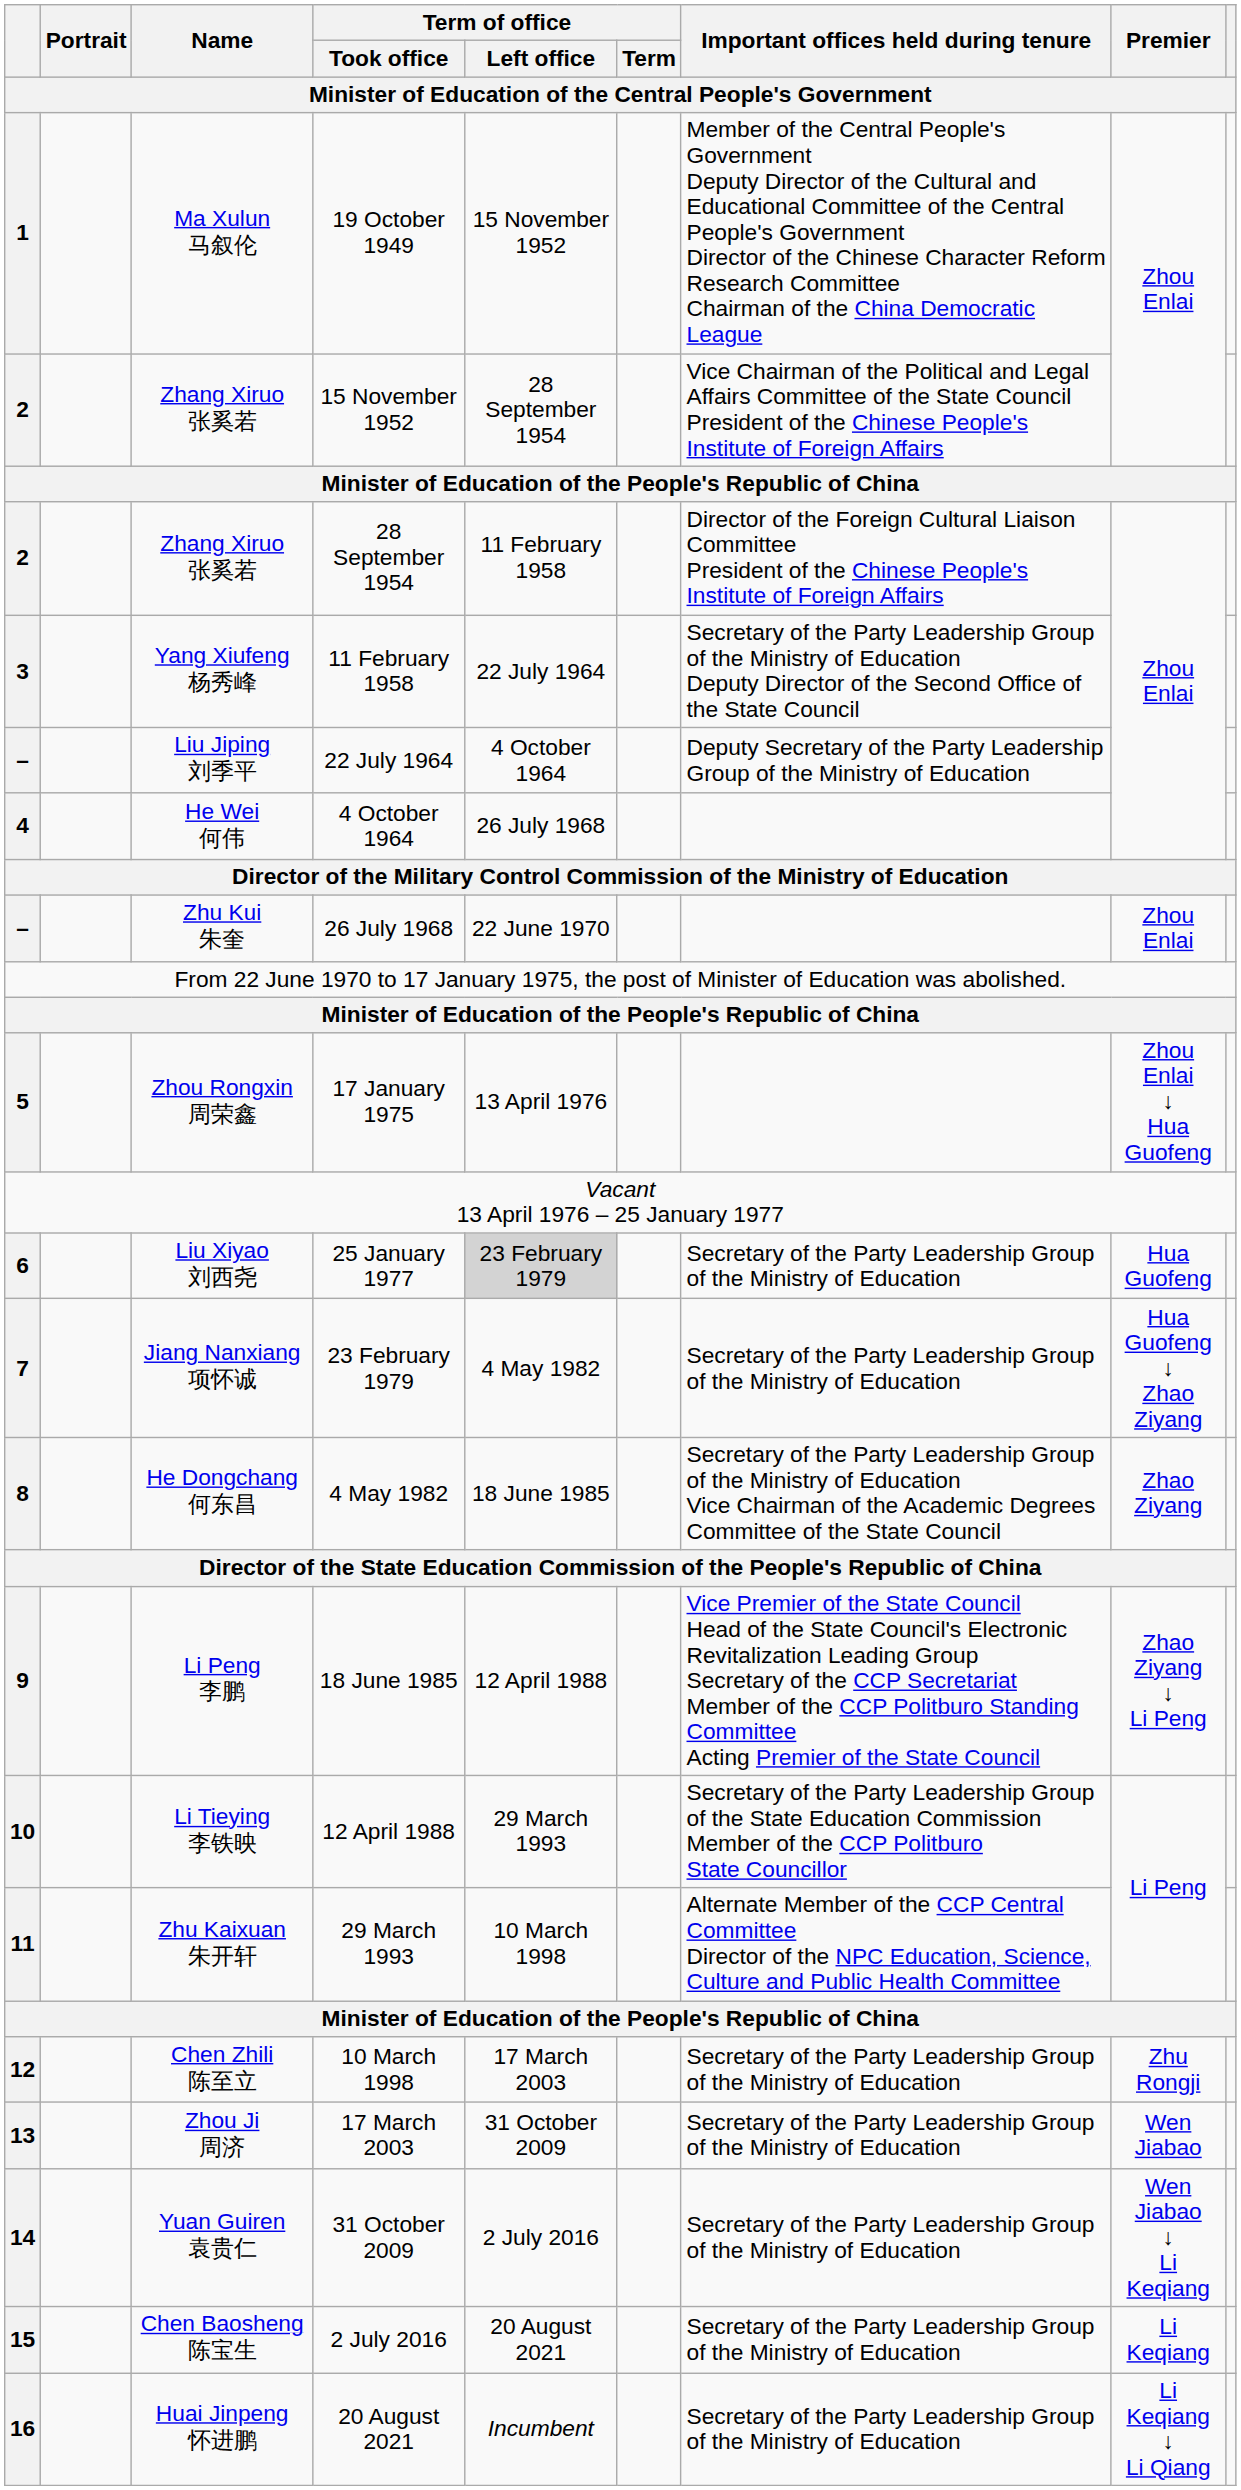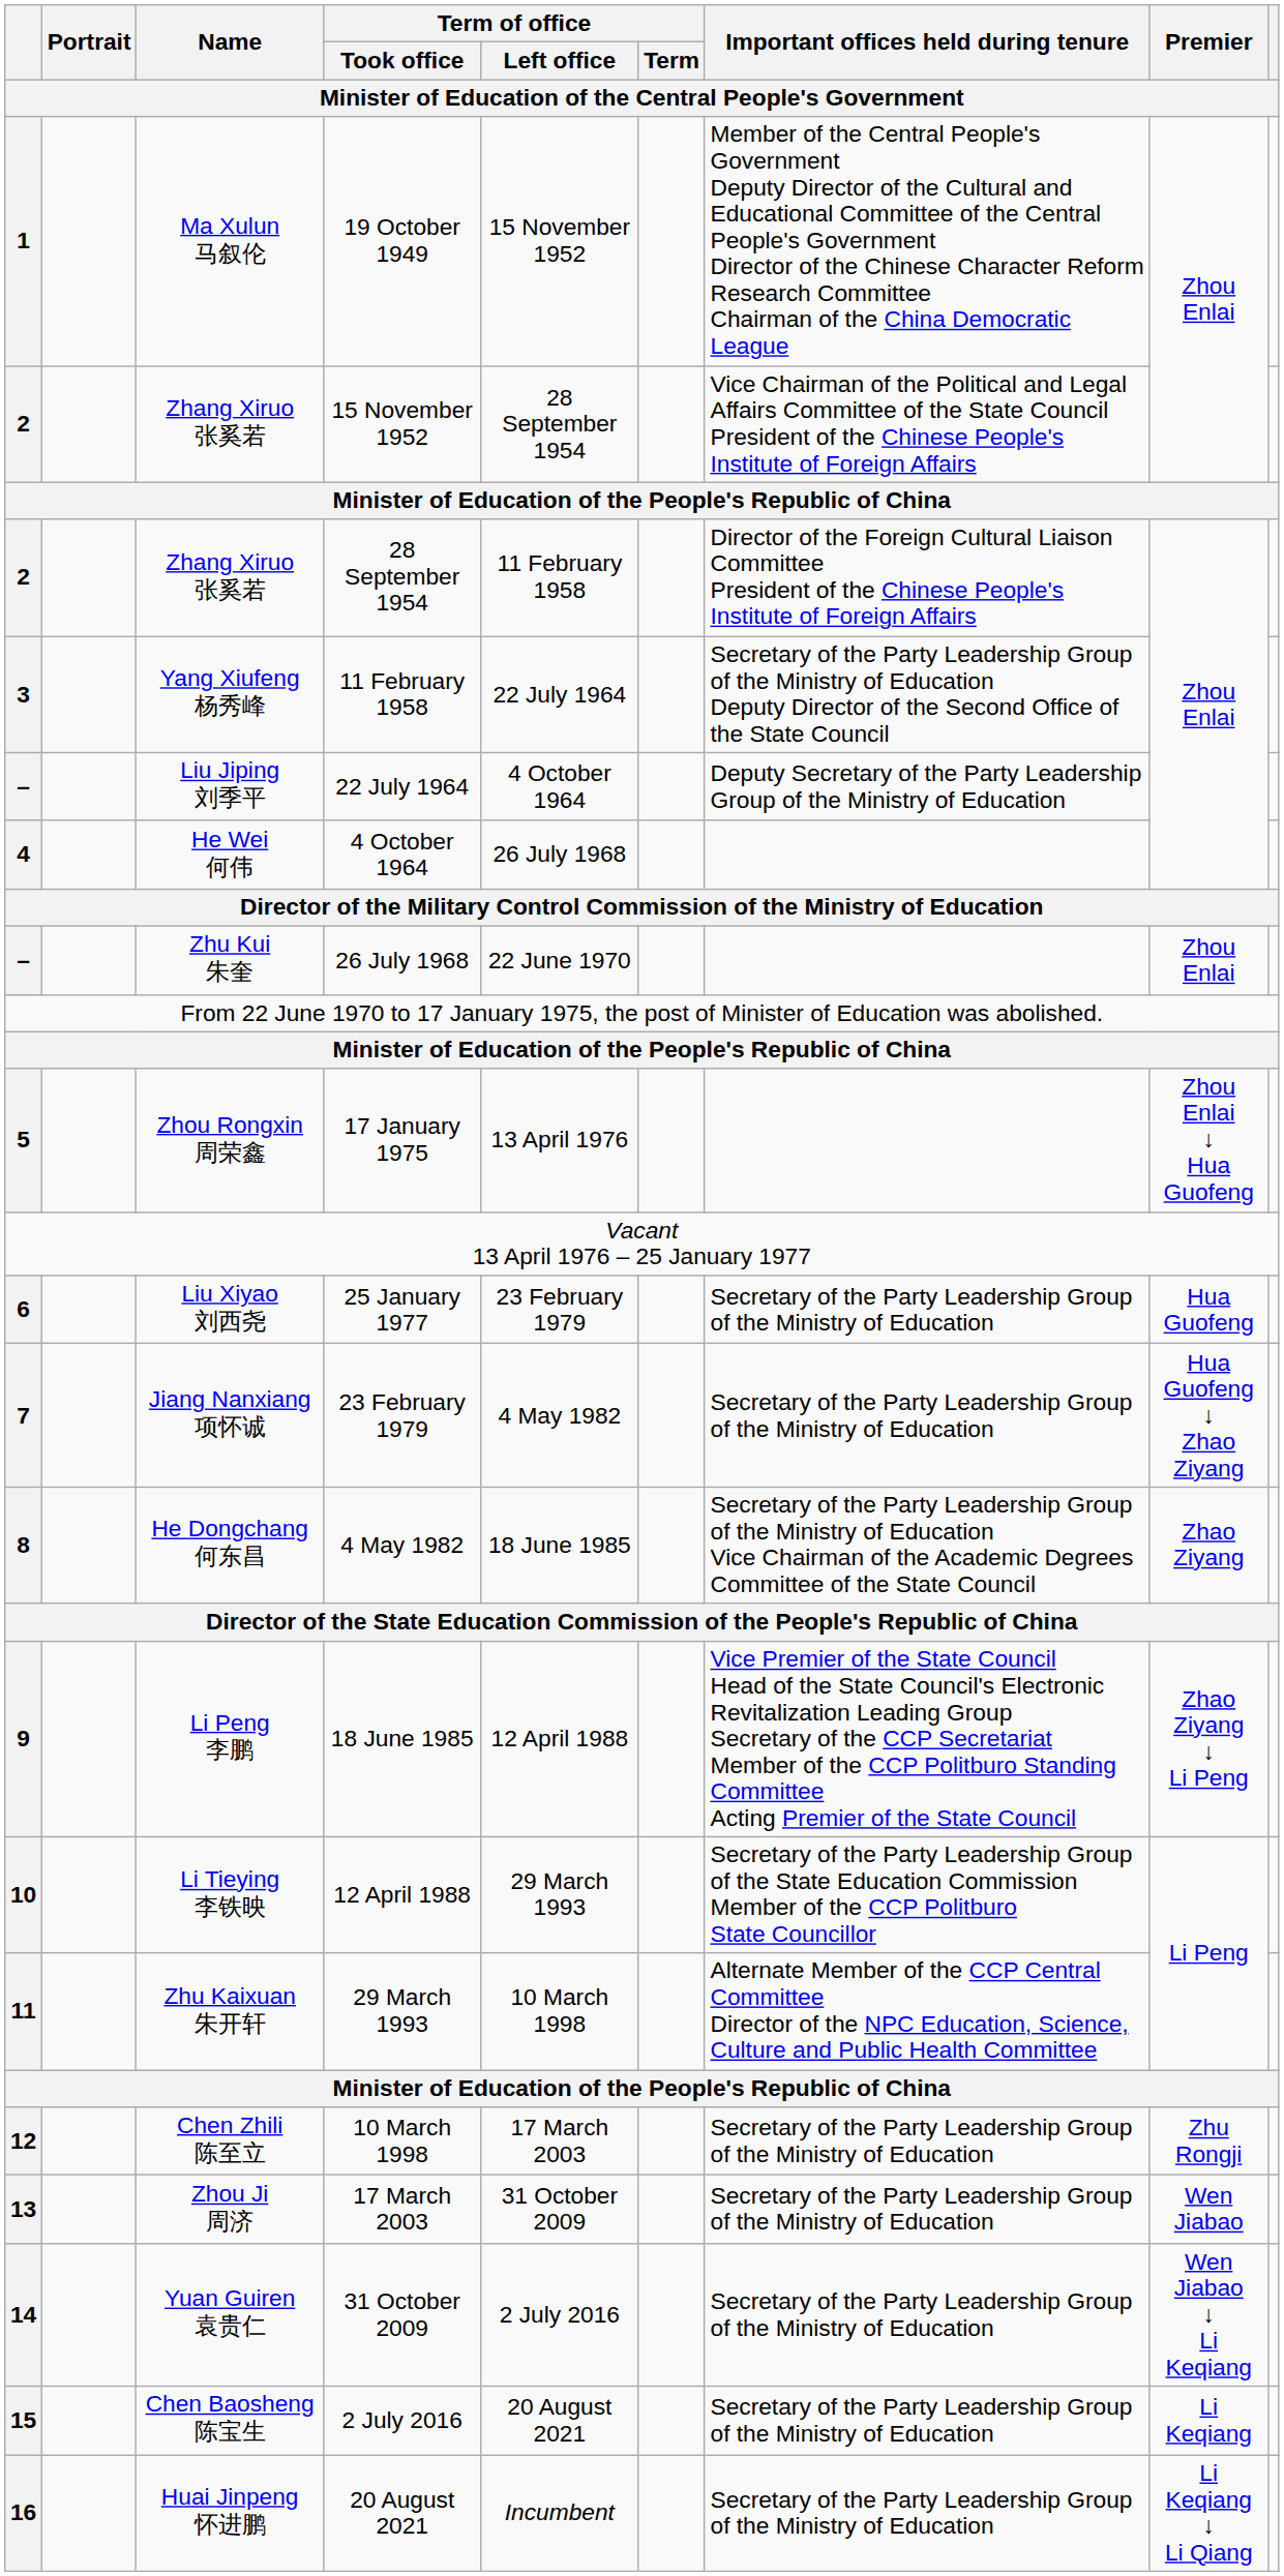 <table class="wikitable" style="text-align:center">
 <tr>
 <th rowspan="2"></th>
 <th rowspan="2">Portrait</th>
 <th rowspan="2" width="120">Name<br></th>
 <th colspan="3">Term of office</th>
 <th rowspan="2">Important offices held during tenure</th>
 <th rowspan="2">Premier</th>
 <th rowspan="2"></th>
 </tr>
 <tr>
 <th>Took office</th>
 <th>Left office</th>
 <th>Term</th>
 </tr>
 <tr>
 <th colspan="9">Minister of Education of the Central People's Government</th>
 </tr>
 <tr>
 <th>1</th>
 <td></td>
 <td><a href='#'>Ma Xulun</a><br>马叙伦<br></td>
 <td>19 October 1949</td>
 <td>15 November 1952</td>
 <td></td>
 <td align="left">Member of the Central People's Government<br>Deputy Director of the Cultural and Educational Committee of the Central People's Government<br>Director of the Chinese Character Reform Research Committee<br>Chairman of the <a href='#'>China Democratic League</a></td>
 <td rowspan="2"><a href='#'>Zhou Enlai</a></td>
 <td></td>
 </tr>
 <tr>
 <th>2</th>
 <td></td>
 <td><a href='#'>Zhang Xiruo</a><br>张奚若<br></td>
 <td>15 November 1952</td>
 <td>28 September 1954</td>
 <td></td>
 <td align="left">Vice Chairman of the Political and Legal Affairs Committee of the State Council<br>President of the <a href='#'>Chinese People's Institute of Foreign Affairs</a></td>
 <td></td>
 </tr>
 <tr>
 <th colspan="9">Minister of Education of the People's Republic of China</th>
 </tr>
 <tr>
 <th>2</th>
 <td></td>
 <td><a href='#'>Zhang Xiruo</a><br>张奚若<br></td>
 <td>28 September 1954</td>
 <td>11 February 1958</td>
 <td></td>
 <td align="left">Director of the Foreign Cultural Liaison Committee<br>President of the <a href='#'>Chinese People's Institute of Foreign Affairs</a></td>
 <td rowspan="4"><a href='#'>Zhou Enlai</a></td>
 <td></td>
 </tr>
 <tr>
 <th>3</th>
 <td></td>
 <td><a href='#'>Yang Xiufeng</a><br>杨秀峰<br></td>
 <td>11 February 1958</td>
 <td>22 July 1964</td>
 <td></td>
 <td align="left">Secretary of the Party Leadership Group of the Ministry of Education<br>Deputy Director of the Second Office of the State Council</td>
 <td></td>
 </tr>
 <tr>
 <th>–</th>
 <td></td>
 <td><a href='#'>Liu Jiping</a><br>刘季平<br></td>
 <td>22 July 1964</td>
 <td>4 October 1964</td>
 <td></td>
 <td align="left">Deputy Secretary of the Party Leadership Group of the Ministry of Education</td>
 <td></td>
 </tr>
 <tr>
 <th>4</th>
 <td></td>
 <td><a href='#'>He Wei</a><br>何伟<br></td>
 <td>4 October 1964</td>
 <td>26 July 1968</td>
 <td></td>
 <td align="left"></td>
 <td></td>
 </tr>
 <tr>
 <th colspan="9">Director of the Military Control Commission of the Ministry of Education</th>
 </tr>
 <tr>
 <th>–</th>
 <td></td>
 <td><a href='#'>Zhu Kui</a><br>朱奎<br></td>
 <td>26 July 1968</td>
 <td>22 June 1970</td>
 <td></td>
 <td align="left"></td>
 <td><a href='#'>Zhou Enlai</a></td>
 <td></td>
 </tr>
 <tr>
 <td colspan="9">From 22 June 1970 to 17 January 1975, the post of Minister of Education was abolished.</td>
 </tr>
 <tr>
 <th colspan="9">Minister of Education of the People's Republic of China</th>
 </tr>
 <tr>
 <th>5</th>
 <td></td>
 <td><a href='#'>Zhou Rongxin</a><br>周荣鑫<br></td>
 <td>17 January 1975</td>
 <td>13 April 1976</td>
 <td></td>
 <td align="left"></td>
 <td><a href='#'>Zhou Enlai</a><br>↓<br><a href='#'>Hua Guofeng</a></td>
 <td></td>
 </tr>
 <tr>
 <td colspan="9"><em>Vacant</em> <br> 13 April 1976 – 25 January 1977</td>
 </tr>
 <tr>
 <th>6</th>
 <td></td>
 <td><a href='#'>Liu Xiyao</a><br>刘西尧<br></td>
 <td>25 January 1977</td>
-<td style="background: lightgrey;">23 February 1979</td>
+<td>23 February 1979</td>
 <td></td>
 <td align="left">Secretary of the Party Leadership Group of the Ministry of Education</td>
 <td><a href='#'>Hua Guofeng</a></td>
 <td></td>
 </tr>
 <tr>
 <th>7</th>
 <td></td>
 <td><a href='#'>Jiang Nanxiang</a><br>项怀诚<br></td>
 <td>23 February 1979</td>
 <td>4 May 1982</td>
 <td></td>
 <td align="left">Secretary of the Party Leadership Group of the Ministry of Education</td>
 <td><a href='#'>Hua Guofeng</a><br>↓<br><a href='#'>Zhao Ziyang</a></td>
 <td></td>
 </tr>
 <tr>
 <th>8</th>
 <td></td>
 <td><a href='#'>He Dongchang</a><br>何东昌<br></td>
 <td>4 May 1982</td>
 <td>18 June 1985</td>
 <td></td>
 <td align="left">Secretary of the Party Leadership Group of the Ministry of Education<br>Vice Chairman of the Academic Degrees Committee of the State Council</td>
 <td><a href='#'>Zhao Ziyang</a></td>
 <td></td>
 </tr>
 <tr>
 <th colspan="9">Director of the State Education Commission of the People's Republic of China</th>
 </tr>
 <tr>
 <th>9</th>
 <td></td>
 <td><a href='#'>Li Peng</a><br>李鹏<br></td>
 <td>18 June 1985</td>
 <td>12 April 1988</td>
 <td></td>
 <td align="left"><a href='#'>Vice Premier of the State Council</a><br>Head of the State Council's Electronic Revitalization Leading Group<br>Secretary of the <a href='#'>CCP Secretariat</a><br>Member of the <a href='#'>CCP Politburo Standing Committee</a><br>Acting <a href='#'>Premier of the State Council</a></td>
 <td><a href='#'>Zhao Ziyang</a><br>↓<br><a href='#'>Li Peng</a></td>
 <td></td>
 </tr>
 <tr>
 <th>10</th>
 <td></td>
 <td><a href='#'>Li Tieying</a><br>李铁映<br></td>
 <td>12 April 1988</td>
 <td>29 March 1993</td>
 <td></td>
 <td align="left">Secretary of the Party Leadership Group of the State Education Commission<br>Member of the <a href='#'>CCP Politburo</a><br><a href='#'>State Councillor</a></td>
 <td rowspan="2"><a href='#'>Li Peng</a></td>
 <td></td>
 </tr>
 <tr>
 <th>11</th>
 <td></td>
 <td><a href='#'>Zhu Kaixuan</a><br>朱开轩<br></td>
 <td>29 March 1993</td>
 <td>10 March 1998</td>
 <td></td>
 <td align="left">Alternate Member of the <a href='#'>CCP Central Committee</a><br>Director of the <a href='#'>NPC Education, Science, Culture and Public Health Committee</a></td>
 <td></td>
 </tr>
 <tr>
 <th colspan="9">Minister of Education of the People's Republic of China</th>
 </tr>
 <tr>
 <th>12</th>
 <td></td>
 <td><a href='#'>Chen Zhili</a><br>陈至立<br></td>
 <td>10 March 1998</td>
 <td>17 March 2003</td>
 <td></td>
 <td align="left">Secretary of the Party Leadership Group of the Ministry of Education</td>
 <td><a href='#'>Zhu Rongji</a></td>
 <td></td>
 </tr>
 <tr>
 <th>13</th>
 <td></td>
 <td><a href='#'>Zhou Ji</a><br>周济<br></td>
 <td>17 March 2003</td>
 <td>31 October 2009</td>
 <td></td>
 <td align="left">Secretary of the Party Leadership Group of the Ministry of Education</td>
 <td><a href='#'>Wen Jiabao</a></td>
 <td></td>
 </tr>
 <tr>
 <th>14</th>
 <td></td>
 <td><a href='#'>Yuan Guiren</a><br>袁贵仁<br></td>
 <td>31 October 2009</td>
 <td>2 July 2016</td>
 <td></td>
 <td align="left">Secretary of the Party Leadership Group of the Ministry of Education</td>
 <td><a href='#'>Wen Jiabao</a><br>↓<br><a href='#'>Li Keqiang</a></td>
 <td></td>
 </tr>
 <tr>
 <th>15</th>
 <td></td>
 <td><a href='#'>Chen Baosheng</a><br>陈宝生<br></td>
 <td>2 July 2016</td>
 <td>20 August 2021</td>
 <td></td>
 <td align="left">Secretary of the Party Leadership Group of the Ministry of Education</td>
 <td><a href='#'>Li Keqiang</a></td>
 <td></td>
 </tr>
 <tr>
 <th>16</th>
 <td></td>
 <td><a href='#'>Huai Jinpeng</a><br>怀进鹏<br></td>
 <td>20 August 2021</td>
 <td><em>Incumbent</em></td>
 <td></td>
 <td align="left">Secretary of the Party Leadership Group of the Ministry of Education</td>
 <td><a href='#'>Li Keqiang</a><br>↓<br><a href='#'>Li Qiang</a></td>
 <td></td>
 </tr>
 </table>
